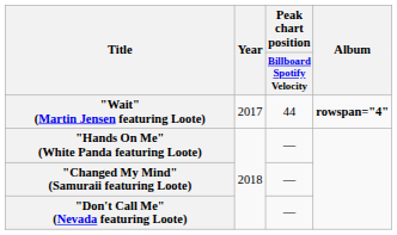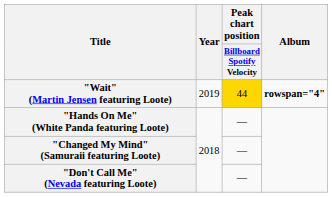 <table class="wikitable plainrowheaders" style="text-align:center;">
 <tr>
 <th scope="col" rowspan="2" style="width:18em;">Title</th>
 <th scope="col" rowspan="2" style="width:1em;">Year</th>
 <th scope="col" colspan="1">Peak chart position</th>
 <th scope="col" rowspan="2">Album</th>
 </tr>
 <tr>
 <th scope="col" style="width:3em;font-size:85%;"><a href='#'>Billboard</a> <a href='#'>Spotify</a> Velocity</th>
 </tr>
 <tr>
 <th scope="row">"Wait"<br><span>(<a href='#'>Martin Jensen</a> featuring Loote)</span></th>
-<td>2017</td>
-<td>44</td>
+<td>2019</td>
+<td style="background: gold;">44</td>
 <td><strong>rowspan="4" </strong></td>
 </tr>
 <tr>
 <th scope="row">"Hands On Me"<br><span>(White Panda featuring Loote)</span></th>
 <td rowspan="3">2018</td>
 <td>—</td>
 </tr>
 <tr>
 <th scope="row">"Changed My Mind"<br><span>(Samuraii featuring Loote)</span></th>
 <td>—</td>
 </tr>
 <tr>
 <th scope="row">"Don't Call Me"<br><span>(<a href='#'>Nevada</a> featuring Loote)</span></th>
 <td>—</td>
 </tr>
 </table>
